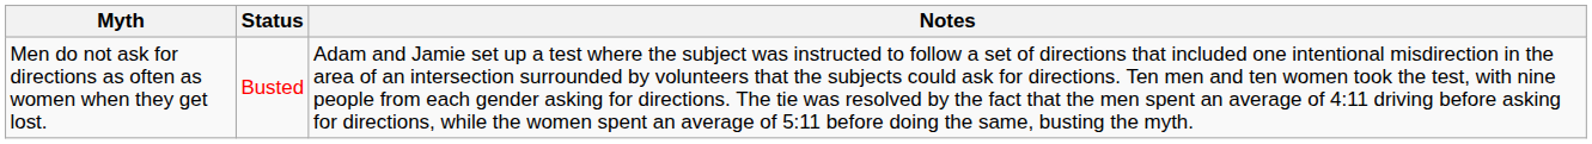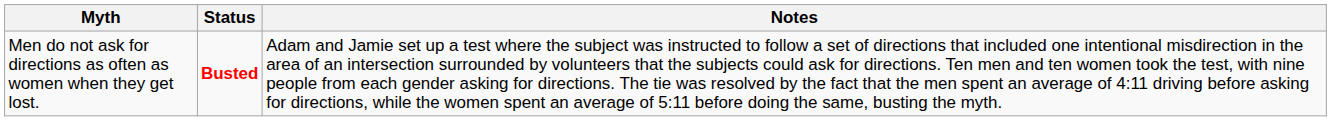 <table class="wikitable plainrowheaders">
 <tr>
 <th scope"col">Myth</th>
 <th scope"col">Status</th>
 <th scope"col">Notes</th>
 </tr>
 <tr>
 <td scope"row">Men do not ask for directions as often as women when they get lost.</td>
-<td style="color:red">Busted</td>
+<td style="color:red"><strong>Busted</strong></td>
 <td>Adam and Jamie set up a test where the subject was instructed to follow a set of directions that included one intentional misdirection in the area of an intersection surrounded by volunteers that the subjects could ask for directions. Ten men and ten women took the test, with nine people from each gender asking for directions. The tie was resolved by the fact that the men spent an average of 4:11 driving before asking for directions, while the women spent an average of 5:11 before doing the same, busting the myth.</td>
 </tr>
 </table>
